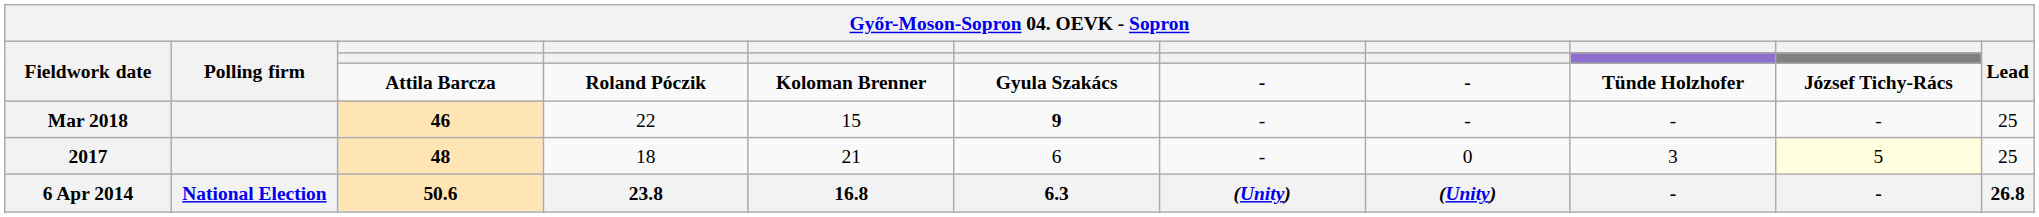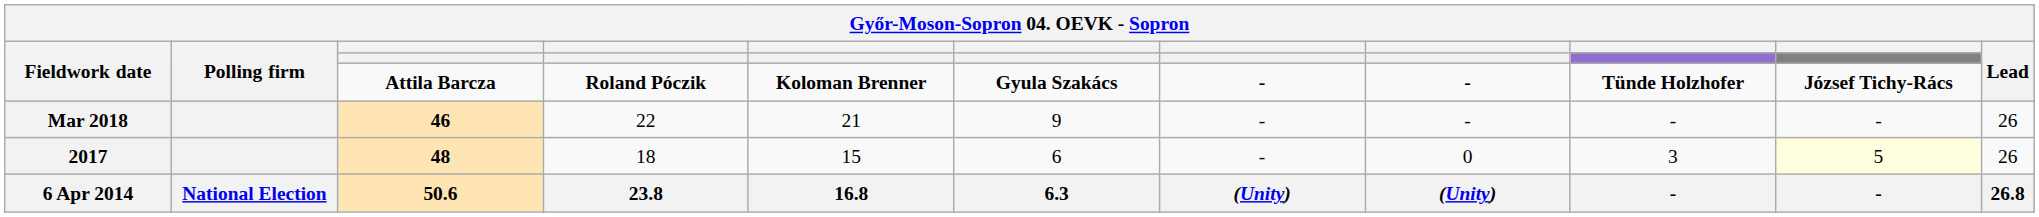 <table class="wikitable mw-collapsible mw-collapsed" style="text-align:center">
 <tr>
 <th colspan="11" style="width: 980pt;"><small><a href='#'>Győr-Moson-Sopron</a> 04. OEVK - <a href='#'>Sopron</a></small></th>
 </tr>
 <tr>
 <th rowspan="3" style="width: 80pt;"><small>Fieldwork</small> <small>date</small></th>
 <th rowspan="3" style="width: 80pt;"><strong><small>Polling</small> <small>firm</small></strong></th>
 <th style="width: 100pt;"><small></small></th>
 <th style="width: 100pt;"><small> </small></th>
 <th style="width: 100pt;"></th>
 <th style="width: 100pt;"></th>
 <th style="width: 100pt;"></th>
 <th style="width: 100pt;"></th>
 <th style="width: 100pt;"></th>
 <th style="width: 100pt;"></th>
 <th rowspan="3" style="width: 20pt;"><small>Lead</small></th>
 </tr>
 <tr>
 <th style="color:inherit;background:"></th>
 <th style="color:inherit;background:"></th>
 <th style="color:inherit;background:"></th>
 <th style="color:inherit;background:"></th>
 <th style="color:inherit;background:"></th>
 <th style="color:inherit;background:"></th>
 <th style="color:inherit;background:#8E6FCE;"></th>
 <th style="color:inherit;background:#808080;"></th>
 </tr>
 <tr>
 <td><small><strong>Attila Barcza</strong></small></td>
 <td><small><strong>Roland Póczik</strong></small></td>
 <td><small><strong>Koloman Brenner</strong></small></td>
 <td><small><strong>Gyula Szakács</strong></small></td>
 <td><small><strong>-</strong></small></td>
 <td><small><strong>-</strong></small></td>
 <td><small><strong>Tünde Holzhofer</strong></small></td>
 <td><small><strong>József Tichy-Rács</strong></small></td>
 </tr>
 <tr>
 <th><small>Mar 2018</small></th>
 <th><small></small></th>
 <td style="background:#FFE5B4"><small><strong>46</strong></small></td>
 <td><small>22</small></td>
-<td><small>15</small></td>
-<td><strong><small>9</small></strong></td>
+<td><small>21</small></td>
+<td><small>9</small></td>
 <td><small>-</small></td>
 <td><small>-</small></td>
 <td><small>-</small></td>
 <td><small>-</small></td>
-<td style="background:"><small>25</small></td>
+<td style="background:"><small>26</small></td>
 </tr>
 <tr>
 <th><small>2017</small></th>
 <th><small></small></th>
 <td style="background:#FFE5B4"><small><strong>48</strong></small></td>
 <td><small>18</small></td>
-<td><small>21</small></td>
+<td><small>15</small></td>
 <td><small>6</small></td>
 <td><small>-</small></td>
 <td><small>0</small></td>
 <td><small>3</small></td>
 <td style="background: lightyellow;"><small>5</small></td>
-<td style="background:"><small>25</small></td>
+<td style="background:"><small>26</small></td>
 </tr>
 <tr>
 <th><small>6 Apr 2014</small></th>
 <th><a href='#'><small>National Election</small></a></th>
 <th style="background:#FFE5B4"><small><strong>50.6</strong></small></th>
 <th><small>23.8</small></th>
 <th><small>16.8</small></th>
 <th><small>6.3</small></th>
 <th><small><em>(<a href='#'>Unity</a>)</em></small></th>
 <th><small><em>(<a href='#'>Unity</a>)</em></small></th>
 <th><small>-</small></th>
 <th><small>-</small></th>
 <th style="background:"><small>26.8</small></th>
 </tr>
 </table>
